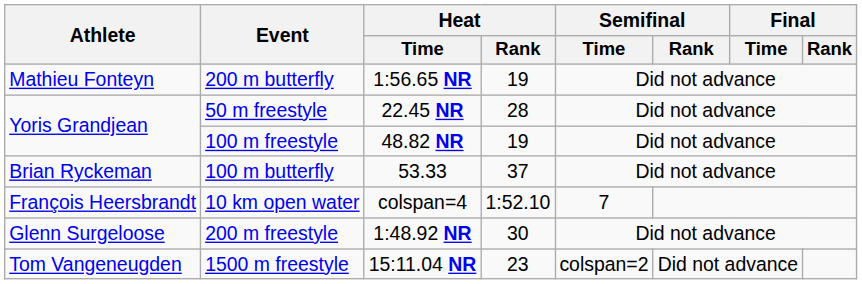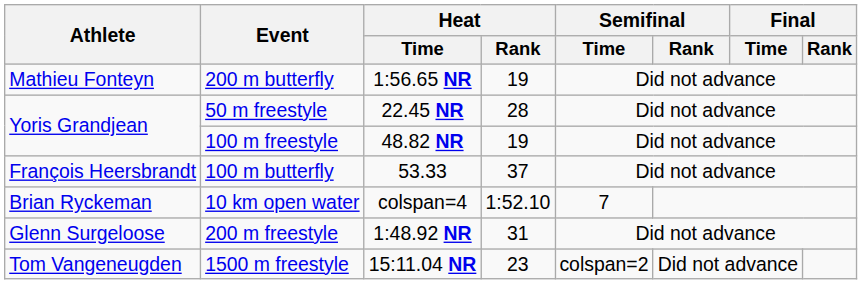 <table class=wikitable style="font-size:90%">
 <tr>
 <th rowspan="2">Athlete</th>
 <th rowspan="2">Event</th>
 <th colspan="2">Heat</th>
 <th colspan="2">Semifinal</th>
 <th colspan="2">Final</th>
 </tr>
 <tr style="font-size:95%">
 <th>Time</th>
 <th>Rank</th>
 <th>Time</th>
 <th>Rank</th>
 <th>Time</th>
 <th>Rank</th>
 </tr>
 <tr align=center>
 <td align=left><a href='#'>Mathieu Fonteyn</a></td>
 <td align=left><a href='#'>200 m butterfly</a></td>
 <td>1:56.65 <strong><a href='#'>NR</a></strong></td>
 <td>19</td>
 <td colspan=4>Did not advance</td>
 </tr>
 <tr align=center>
 <td align=left rowspan=2><a href='#'>Yoris Grandjean</a></td>
 <td align=left><a href='#'>50 m freestyle</a></td>
 <td>22.45 <strong><a href='#'>NR</a></strong></td>
 <td>28</td>
 <td colspan=4>Did not advance</td>
 </tr>
 <tr align=center>
 <td align=left><a href='#'>100 m freestyle</a></td>
 <td>48.82 <strong><a href='#'>NR</a></strong></td>
 <td>19</td>
 <td colspan=4>Did not advance</td>
 </tr>
 <tr align=center>
-<td align=left><a href='#'>Brian Ryckeman</a></td>
+<td align=left><a href='#'>François Heersbrandt</a></td>
 <td align=left><a href='#'>100 m butterfly</a></td>
 <td>53.33</td>
 <td>37</td>
 <td colspan=4>Did not advance</td>
 </tr>
 <tr align=center>
-<td align=left><a href='#'>François Heersbrandt</a></td>
+<td align=left><a href='#'>Brian Ryckeman</a></td>
 <td align=left><a href='#'>10 km open water</a></td>
 <td>colspan=4 </td>
 <td>1:52.10</td>
 <td>7</td>
 </tr>
 <tr align=center>
 <td align=left><a href='#'>Glenn Surgeloose</a></td>
 <td align=left><a href='#'>200 m freestyle</a></td>
 <td>1:48.92 <strong><a href='#'>NR</a></strong></td>
-<td>30</td>
+<td>31</td>
 <td colspan=4>Did not advance</td>
 </tr>
 <tr align=center>
 <td align=left><a href='#'>Tom Vangeneugden</a></td>
 <td align=left><a href='#'>1500 m freestyle</a></td>
 <td>15:11.04 <strong><a href='#'>NR</a></strong></td>
 <td>23</td>
 <td>colspan=2 </td>
 <td colspan=2>Did not advance</td>
 </tr>
 </table>
